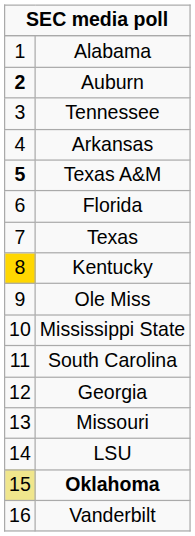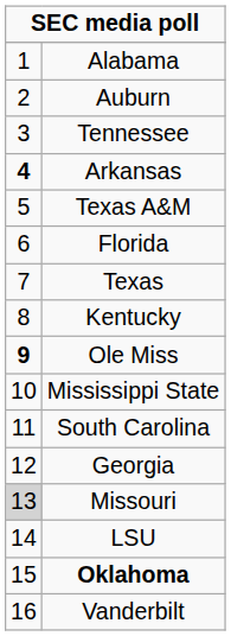 <table class="wikitable" style="display: inline-table;">
 <tr>
 <td align="center" Colspan="3"><strong>SEC media poll</strong></td>
 </tr>
 <tr align="center">
 </tr>
 <tr align="center">
 <td>1</td>
 <td>Alabama</td>
 </tr>
 <tr align="center">
-<td><strong>2</strong></td>
+<td>2</td>
 <td>Auburn</td>
 </tr>
 <tr align="center">
 <td>3</td>
 <td>Tennessee</td>
 </tr>
 <tr align="center">
-<td>4</td>
+<td><strong>4</strong></td>
 <td>Arkansas</td>
 </tr>
 <tr align="center">
-<td><strong>5</strong></td>
+<td>5</td>
 <td>Texas A&M</td>
 </tr>
 <tr align="center">
 <td>6</td>
 <td>Florida</td>
 </tr>
 <tr align="center">
 <td>7</td>
 <td>Texas</td>
 </tr>
 <tr align="center">
-<td style="background: gold;">8</td>
+<td>8</td>
 <td>Kentucky</td>
 </tr>
 <tr align="center">
-<td>9</td>
+<td><strong>9</strong></td>
 <td>Ole Miss</td>
 </tr>
 <tr align="center">
 <td>10</td>
 <td>Mississippi State</td>
 </tr>
 <tr align="center">
 <td>11</td>
 <td>South Carolina</td>
 </tr>
 <tr align="center">
 <td>12</td>
 <td>Georgia</td>
 </tr>
 <tr align="center">
-<td>13</td>
+<td style="background: lightgrey;">13</td>
 <td>Missouri</td>
 </tr>
 <tr align="center">
 <td>14</td>
 <td>LSU</td>
 </tr>
 <tr align="center">
-<td style="background: khaki;">15</td>
+<td>15</td>
 <td><strong>Oklahoma</strong></td>
 </tr>
 <tr align="center">
 <td>16</td>
 <td>Vanderbilt</td>
 </tr>
 </table>
